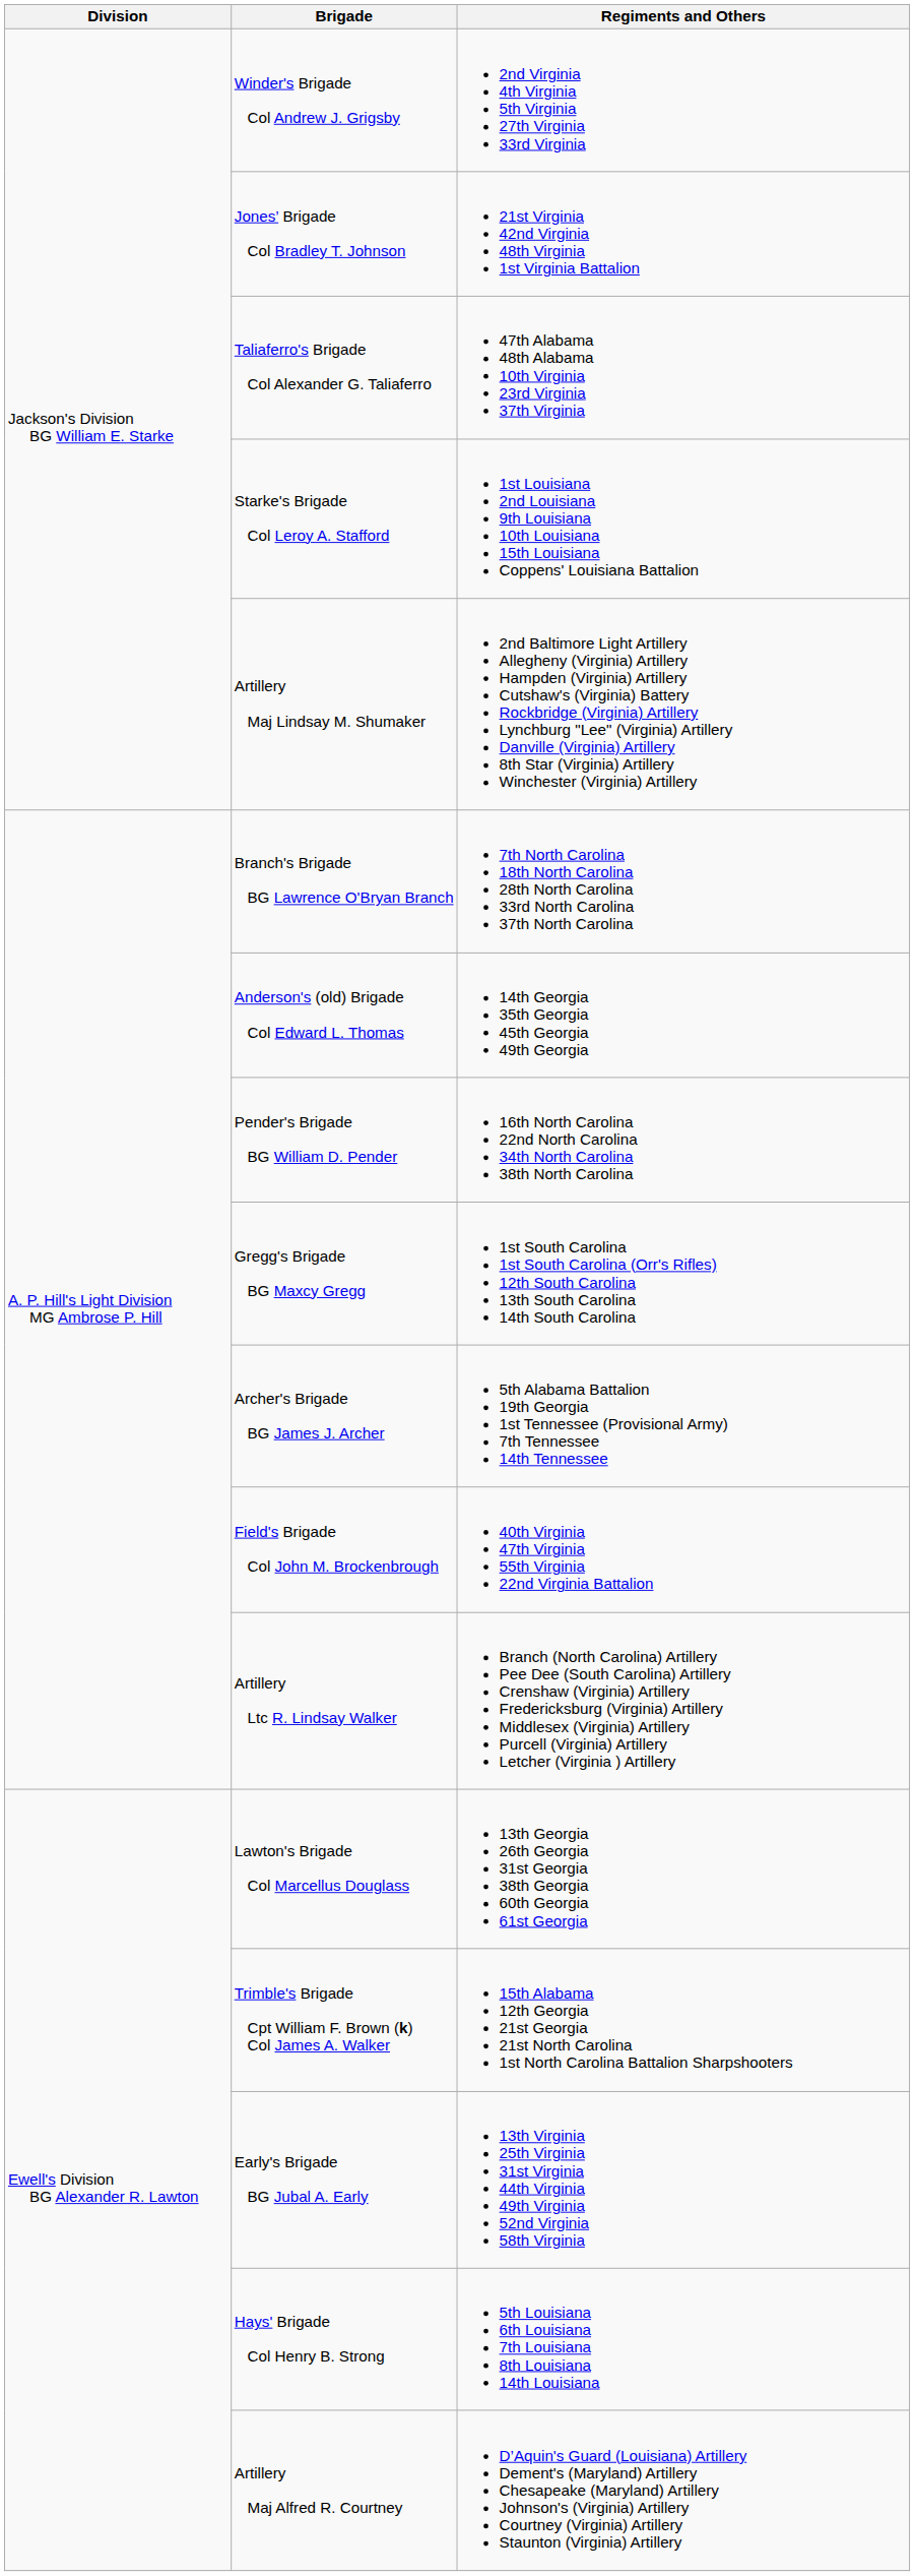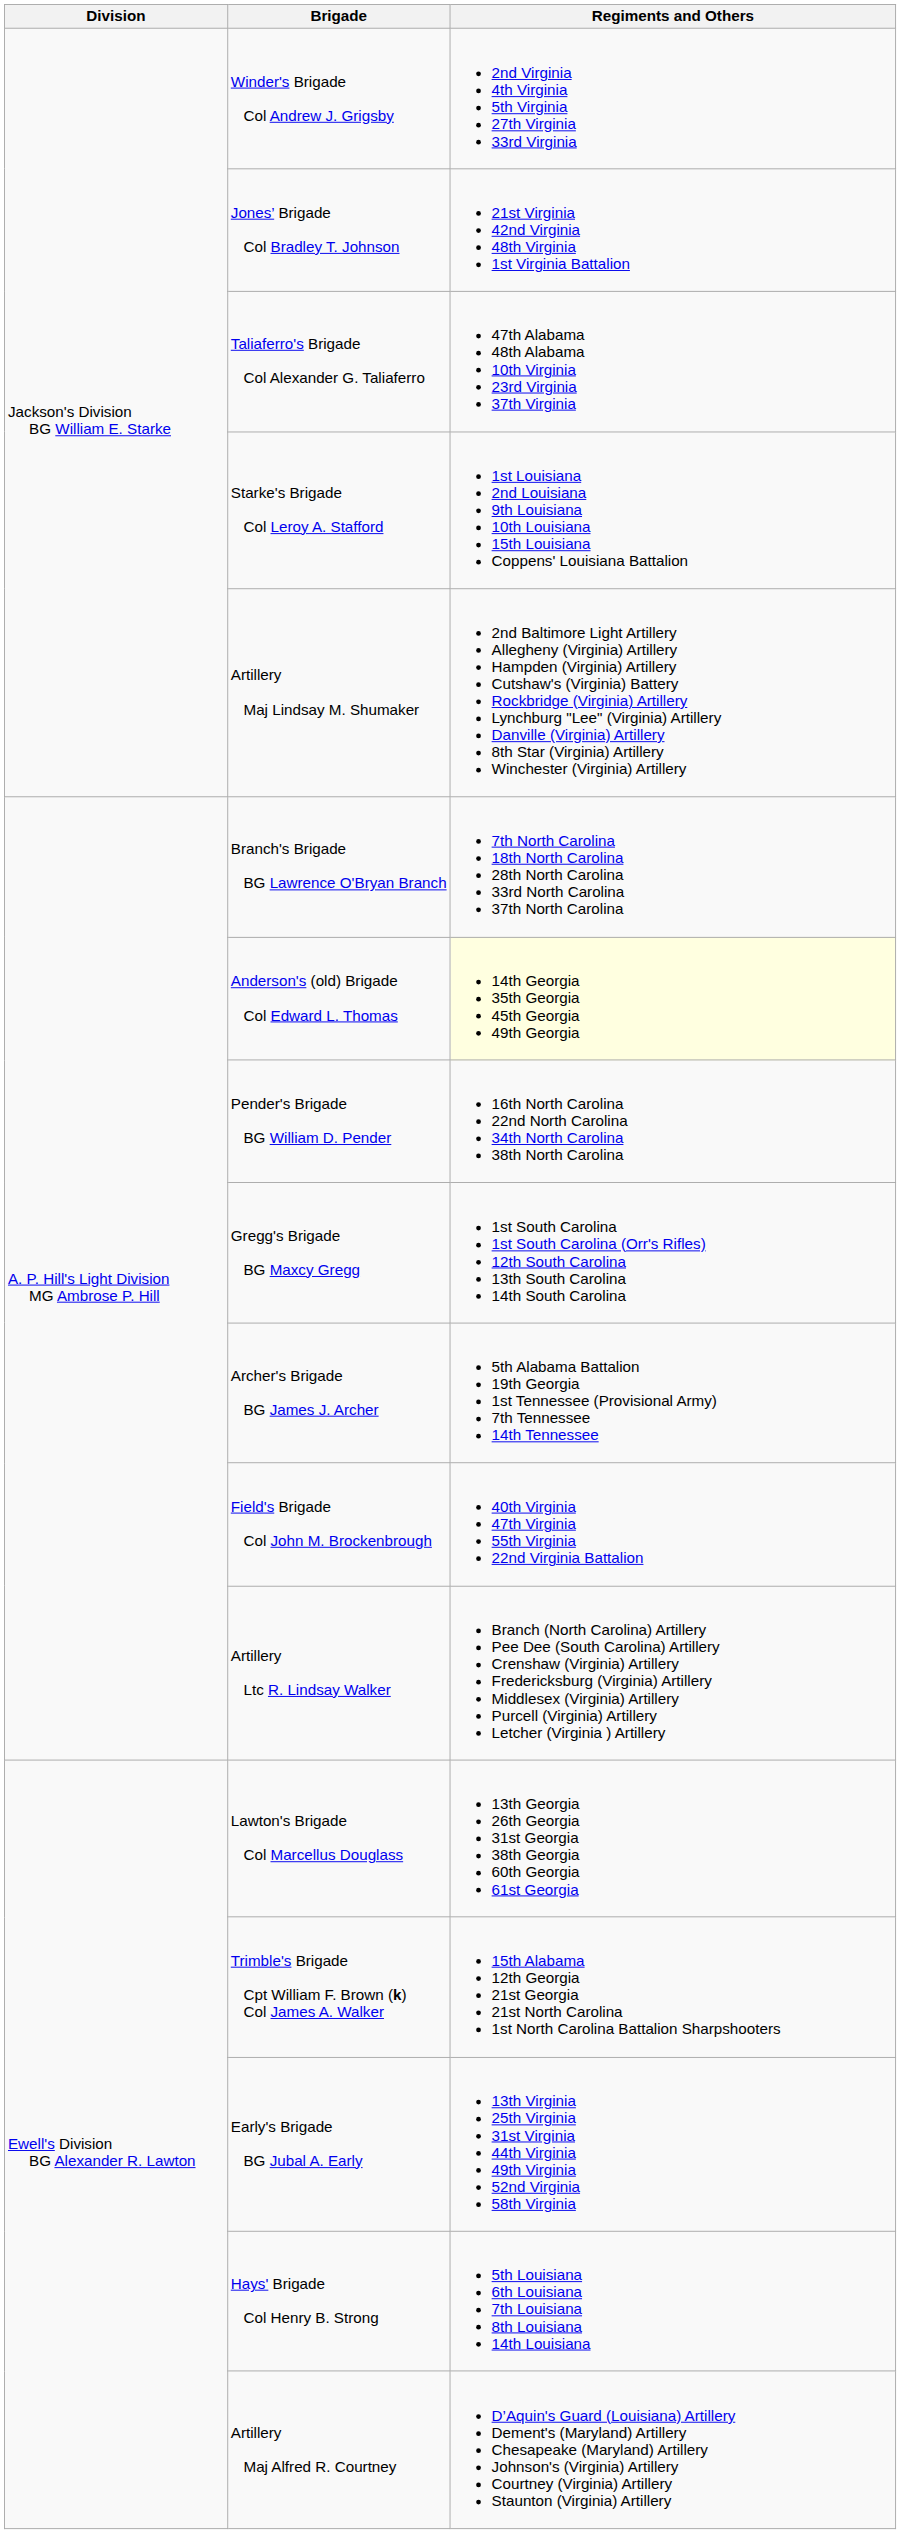 <table class="wikitable">
 <tr>
 <th width=25%>Division</th>
 <th width=25%>Brigade</th>
 <th>Regiments and Others</th>
 </tr>
 <tr>
 <td rowspan=5><br>Jackson's Division <br>     BG <a href='#'>William E. Starke</a></td>
 <td><a href='#'>Winder's</a> Brigade<br><br>   Col <a href='#'>Andrew J. Grigsby</a></td>
 <td><br><ul><li><a href='#'>2nd Virginia</a></li><li><a href='#'>4th Virginia</a></li><li><a href='#'>5th Virginia</a></li><li><a href='#'>27th Virginia</a></li><li><a href='#'>33rd Virginia</a></li></ul></td>
 </tr>
 <tr>
 <td><a href='#'>Jones’</a> Brigade<br><br>   Col <a href='#'>Bradley T. Johnson</a></td>
 <td><br><ul><li><a href='#'>21st Virginia</a></li><li><a href='#'>42nd Virginia</a></li><li><a href='#'>48th Virginia</a></li><li><a href='#'>1st Virginia Battalion</a></li></ul></td>
 </tr>
 <tr>
 <td><a href='#'>Taliaferro's</a> Brigade<br><br>   Col Alexander G. Taliaferro</td>
 <td><br><ul><li>47th Alabama</li><li>48th Alabama</li><li><a href='#'>10th Virginia</a></li><li><a href='#'>23rd Virginia</a></li><li><a href='#'>37th Virginia</a></li></ul></td>
 </tr>
 <tr>
 <td>Starke's Brigade<br><br>   Col <a href='#'>Leroy A. Stafford</a></td>
 <td><br><ul><li><a href='#'>1st Louisiana</a></li><li><a href='#'>2nd Louisiana</a></li><li><a href='#'>9th Louisiana</a></li><li><a href='#'>10th Louisiana</a></li><li><a href='#'>15th Louisiana</a></li><li>Coppens' Louisiana Battalion</li></ul></td>
 </tr>
 <tr>
 <td>Artillery<br><br>   Maj Lindsay M. Shumaker</td>
 <td><br><ul><li>2nd Baltimore Light Artillery</li><li>Allegheny (Virginia) Artillery</li><li>Hampden (Virginia) Artillery</li><li>Cutshaw's (Virginia) Battery</li><li><a href='#'>Rockbridge (Virginia) Artillery</a></li><li>Lynchburg "Lee" (Virginia) Artillery</li><li><a href='#'>Danville (Virginia) Artillery</a></li><li>8th Star (Virginia) Artillery</li><li>Winchester (Virginia) Artillery</li></ul></td>
 </tr>
 <tr>
 <td rowspan=7><br><a href='#'>A. P. Hill's Light Division</a> <br>     MG <a href='#'>Ambrose P. Hill</a></td>
 <td>Branch's Brigade<br><br>   BG <a href='#'>Lawrence O'Bryan Branch</a></td>
 <td><br><ul><li><a href='#'>7th North Carolina</a></li><li><a href='#'>18th North Carolina</a></li><li>28th North Carolina</li><li>33rd North Carolina</li><li>37th North Carolina</li></ul></td>
 </tr>
 <tr>
 <td><a href='#'>Anderson's</a> (old) Brigade<br><br>   Col <a href='#'>Edward L. Thomas</a></td>
-<td><br><ul><li>14th Georgia</li><li>35th Georgia</li><li>45th Georgia</li><li>49th Georgia</li></ul></td>
+<td style="background: lightyellow;"><br><ul><li>14th Georgia</li><li>35th Georgia</li><li>45th Georgia</li><li>49th Georgia</li></ul></td>
 </tr>
 <tr>
 <td>Pender's Brigade<br><br>   BG <a href='#'>William D. Pender</a></td>
 <td><br><ul><li>16th North Carolina</li><li>22nd North Carolina</li><li><a href='#'>34th North Carolina</a></li><li>38th North Carolina</li></ul></td>
 </tr>
 <tr>
 <td>Gregg's Brigade<br><br>   BG <a href='#'>Maxcy Gregg</a></td>
 <td><br><ul><li>1st South Carolina</li><li><a href='#'>1st South Carolina (Orr's Rifles)</a></li><li><a href='#'>12th South Carolina</a></li><li>13th South Carolina</li><li>14th South Carolina</li></ul></td>
 </tr>
 <tr>
 <td>Archer's Brigade<br><br>   BG <a href='#'>James J. Archer</a></td>
 <td><br><ul><li>5th Alabama Battalion</li><li>19th Georgia</li><li>1st Tennessee (Provisional Army)</li><li>7th Tennessee</li><li><a href='#'>14th Tennessee</a></li></ul></td>
 </tr>
 <tr>
 <td><a href='#'>Field's</a> Brigade<br><br>   Col <a href='#'>John M. Brockenbrough</a></td>
 <td><br><ul><li><a href='#'>40th Virginia</a></li><li><a href='#'>47th Virginia</a></li><li><a href='#'>55th Virginia</a></li><li><a href='#'>22nd Virginia Battalion</a></li></ul></td>
 </tr>
 <tr>
 <td>Artillery<br><br>   Ltc <a href='#'>R. Lindsay Walker</a></td>
 <td><br><ul><li>Branch (North Carolina) Artillery</li><li>Pee Dee (South Carolina) Artillery</li><li>Crenshaw (Virginia) Artillery</li><li>Fredericksburg (Virginia) Artillery</li><li>Middlesex (Virginia) Artillery</li><li>Purcell (Virginia) Artillery</li><li>Letcher (Virginia ) Artillery</li></ul></td>
 </tr>
 <tr>
 <td rowspan=5><br><a href='#'>Ewell's</a> Division <br>     BG <a href='#'>Alexander R. Lawton</a></td>
 <td>Lawton's Brigade<br><br>   Col <a href='#'>Marcellus Douglass</a></td>
 <td><br><ul><li>13th Georgia</li><li>26th Georgia</li><li>31st Georgia</li><li>38th Georgia</li><li>60th Georgia</li><li><a href='#'>61st Georgia</a></li></ul></td>
 </tr>
 <tr>
 <td><a href='#'>Trimble's</a> Brigade<br><br>   Cpt William F. Brown (<strong>k</strong>) <br>   Col <a href='#'>James A. Walker</a></td>
 <td><br><ul><li><a href='#'>15th Alabama</a></li><li>12th Georgia</li><li>21st Georgia</li><li>21st North Carolina</li><li>1st North Carolina Battalion Sharpshooters</li></ul></td>
 </tr>
 <tr>
 <td>Early's Brigade<br><br>   BG <a href='#'>Jubal A. Early</a></td>
 <td><br><ul><li><a href='#'>13th Virginia</a></li><li><a href='#'>25th Virginia</a></li><li><a href='#'>31st Virginia</a></li><li><a href='#'>44th Virginia</a></li><li><a href='#'>49th Virginia</a></li><li><a href='#'>52nd Virginia</a></li><li><a href='#'>58th Virginia</a></li></ul></td>
 </tr>
 <tr>
 <td><a href='#'>Hays'</a> Brigade<br><br>   Col Henry B. Strong</td>
 <td><br><ul><li><a href='#'>5th Louisiana</a></li><li><a href='#'>6th Louisiana</a></li><li><a href='#'>7th Louisiana</a></li><li><a href='#'>8th Louisiana</a></li><li><a href='#'>14th Louisiana</a></li></ul></td>
 </tr>
 <tr>
 <td>Artillery<br><br>   Maj Alfred R. Courtney</td>
 <td><br><ul><li><a href='#'>D’Aquin's Guard (Louisiana) Artillery</a></li><li>Dement's (Maryland) Artillery</li><li>Chesapeake (Maryland) Artillery</li><li>Johnson's (Virginia) Artillery</li><li>Courtney (Virginia) Artillery</li><li>Staunton (Virginia) Artillery</li></ul></td>
 </tr>
 </table>
